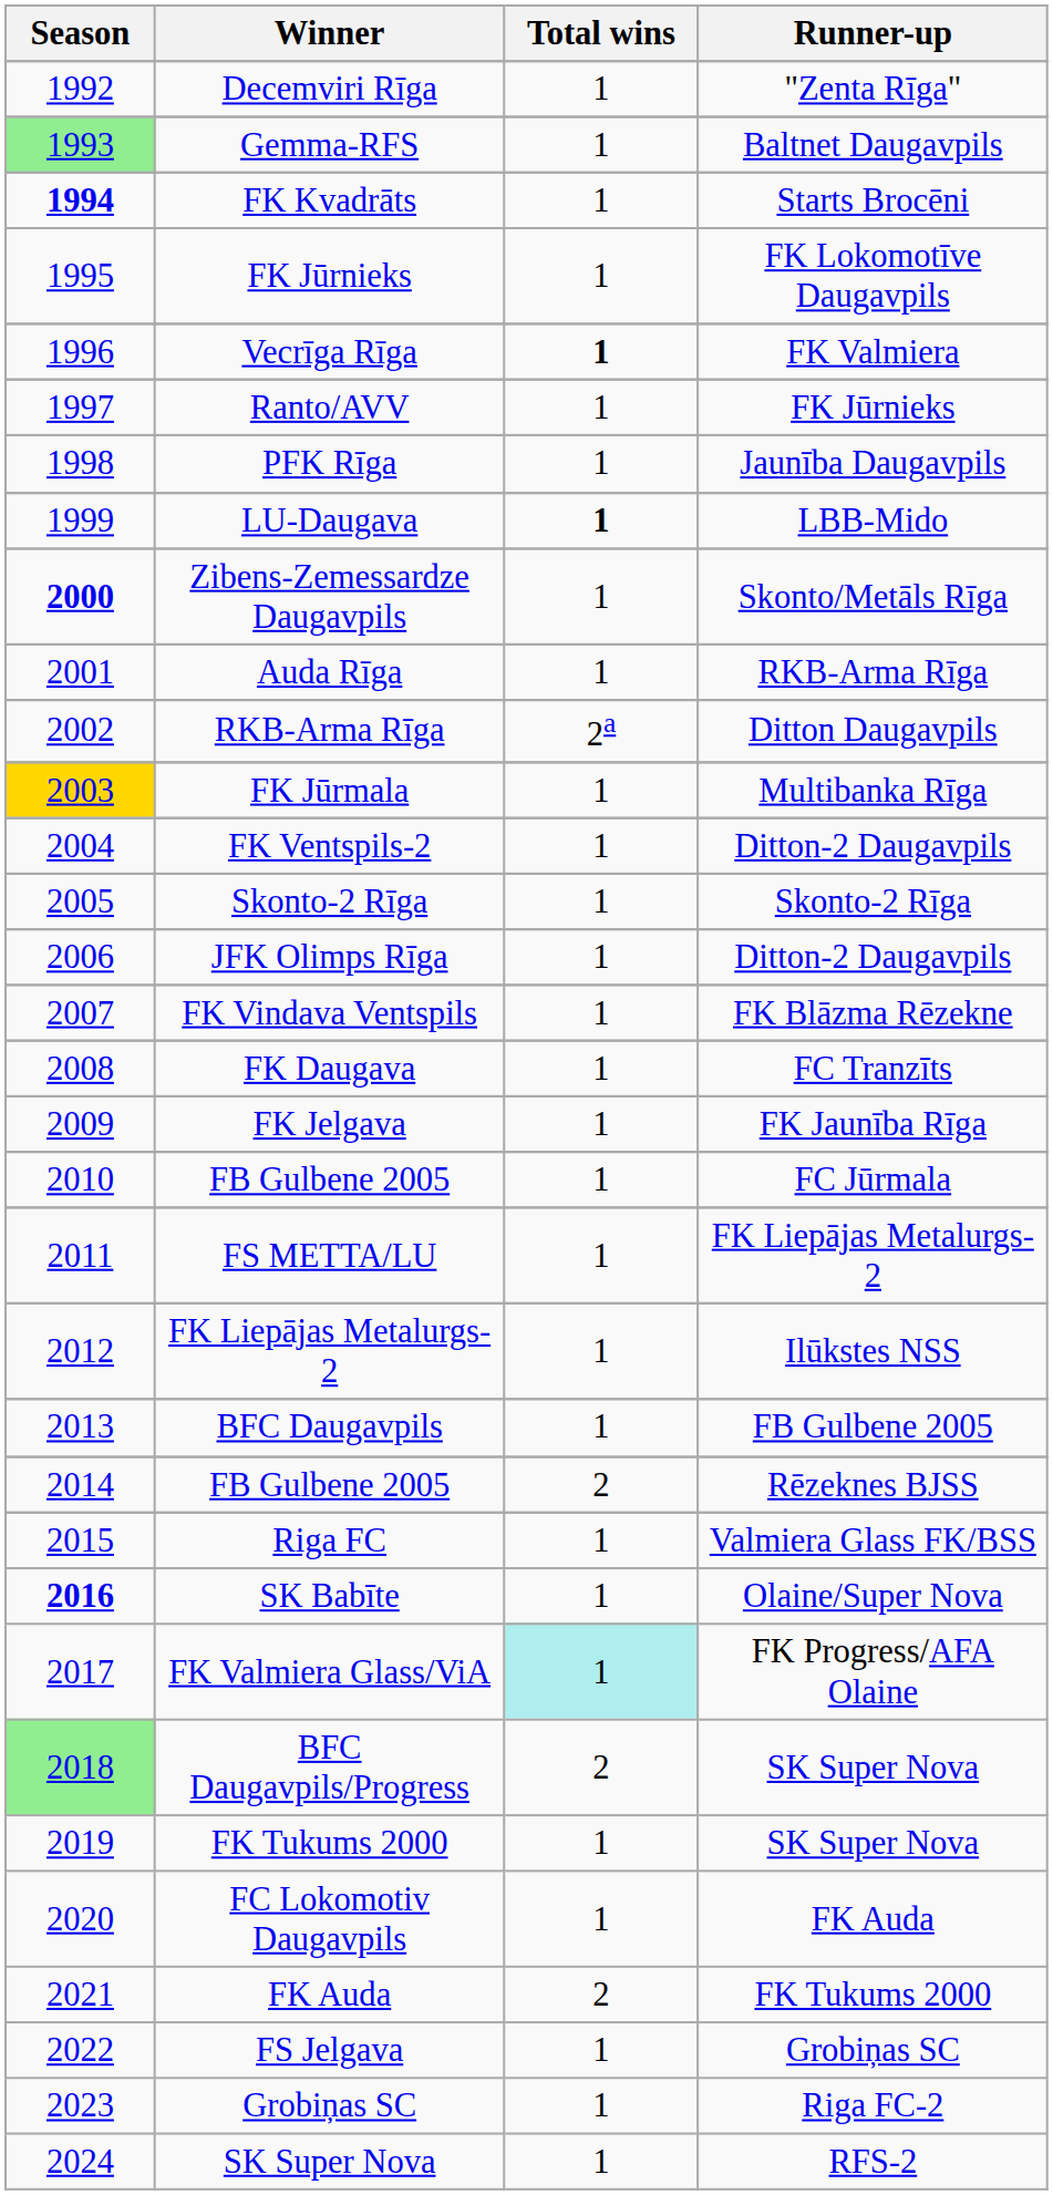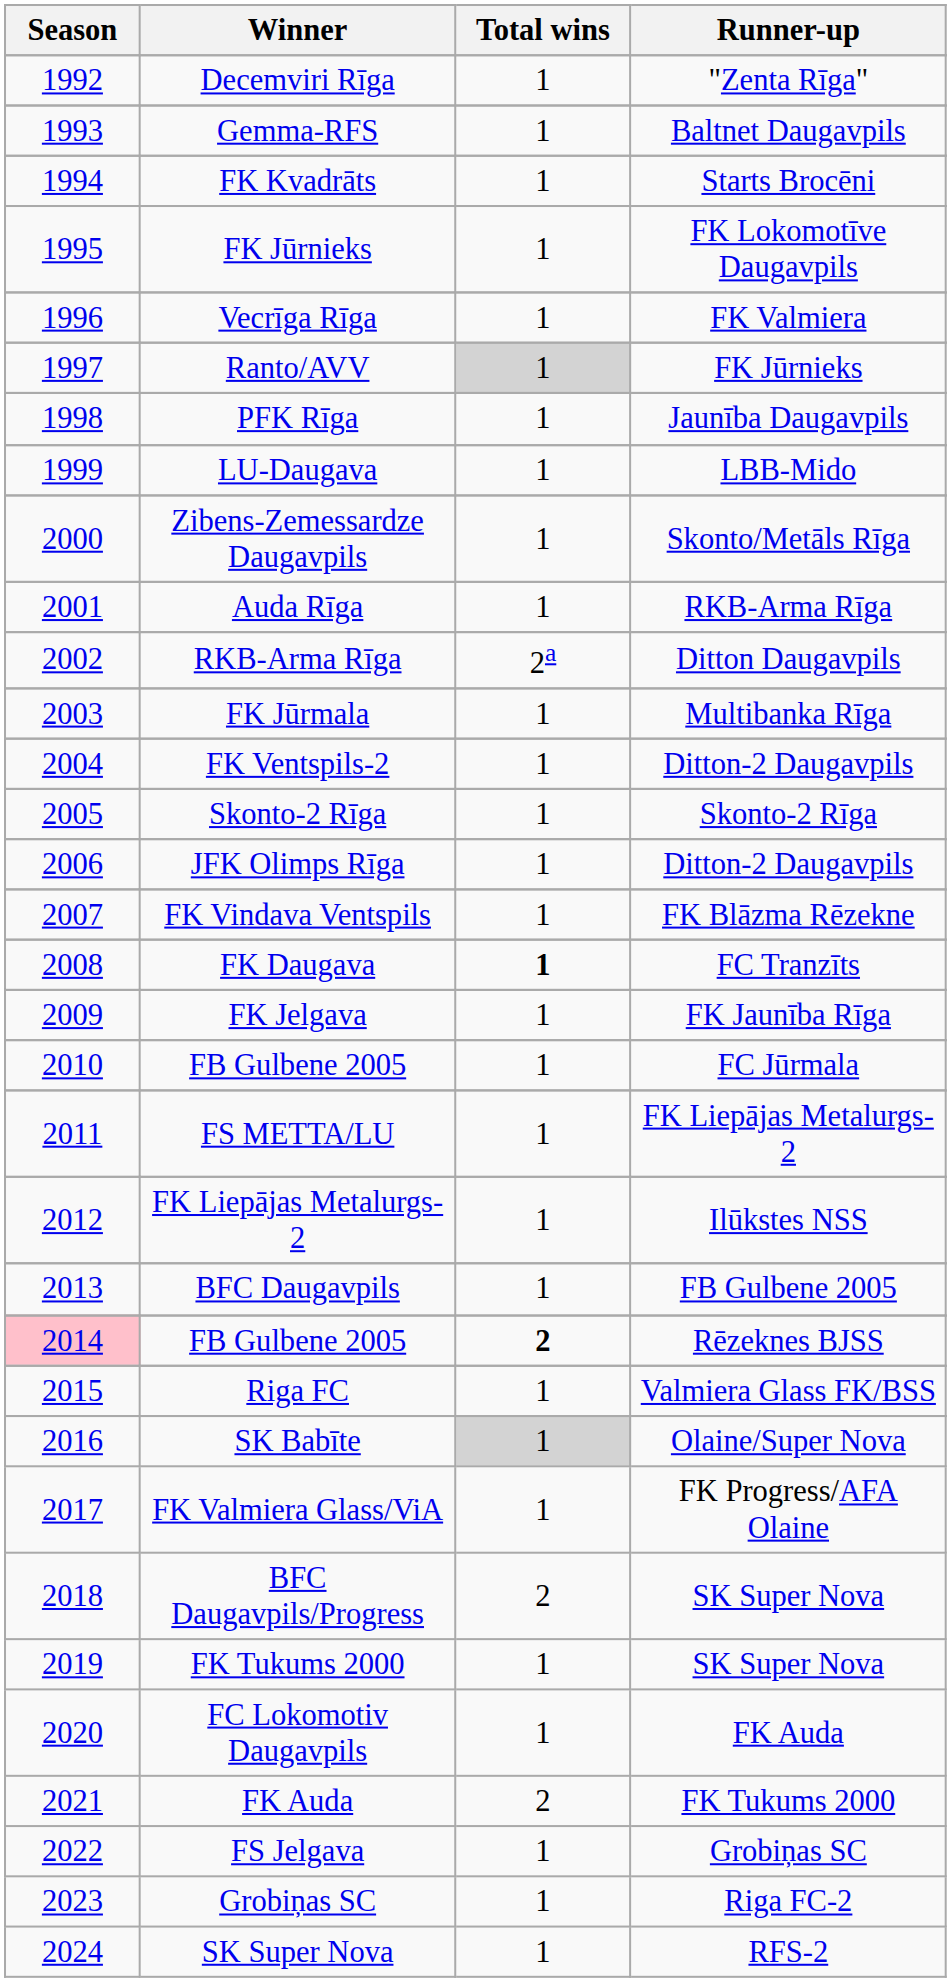 <table class="wikitable" style="font-size:95%; text-align:center;">
 <tr>
 <th width="60">Season</th>
 <th width="150">Winner</th>
 <th width="80">Total wins</th>
 <th width="150">Runner-up</th>
 </tr>
 <tr>
 </tr>
 <tr align="center">
 <td><a href='#'>1992</a></td>
 <td><a href='#'>Decemviri Rīga</a></td>
 <td>1</td>
 <td>"<a href='#'>Zenta Rīga</a>"</td>
 </tr>
 <tr>
 </tr>
 <tr align="center">
-<td style="background: lightgreen;"><a href='#'>1993</a></td>
+<td><a href='#'>1993</a></td>
 <td><a href='#'>Gemma-RFS</a></td>
 <td>1</td>
 <td><a href='#'>Baltnet Daugavpils</a></td>
 </tr>
 <tr>
 </tr>
 <tr align="center">
-<td><strong><a href='#'>1994</a></strong></td>
+<td><a href='#'>1994</a></td>
 <td><a href='#'>FK Kvadrāts</a></td>
 <td>1</td>
 <td><a href='#'>Starts Brocēni</a></td>
 </tr>
 <tr>
 </tr>
 <tr align="center">
 <td><a href='#'>1995</a></td>
 <td><a href='#'>FK Jūrnieks</a></td>
 <td>1</td>
 <td><a href='#'>FK Lokomotīve Daugavpils</a></td>
 </tr>
 <tr>
 </tr>
 <tr align="center">
 <td><a href='#'>1996</a></td>
 <td><a href='#'>Vecrīga Rīga</a></td>
-<td><strong>1</strong></td>
+<td>1</td>
 <td><a href='#'>FK Valmiera</a></td>
 </tr>
 <tr>
 </tr>
 <tr align="center">
 <td><a href='#'>1997</a></td>
 <td><a href='#'>Ranto/AVV</a></td>
-<td>1</td>
+<td style="background: lightgrey;">1</td>
 <td><a href='#'>FK Jūrnieks</a></td>
 </tr>
 <tr>
 </tr>
 <tr align="center">
 <td><a href='#'>1998</a></td>
 <td><a href='#'>PFK Rīga</a></td>
 <td>1</td>
 <td><a href='#'>Jaunība Daugavpils</a></td>
 </tr>
 <tr>
 </tr>
 <tr align="center">
 <td><a href='#'>1999</a></td>
 <td><a href='#'>LU-Daugava</a></td>
-<td><strong>1</strong></td>
+<td>1</td>
 <td><a href='#'>LBB-Mido</a></td>
 </tr>
 <tr>
 </tr>
 <tr align="center">
-<td><strong><a href='#'>2000</a></strong></td>
+<td><a href='#'>2000</a></td>
 <td><a href='#'>Zibens-Zemessardze Daugavpils</a></td>
 <td>1</td>
 <td><a href='#'>Skonto/Metāls Rīga</a></td>
 </tr>
 <tr>
 </tr>
 <tr align="center">
 <td><a href='#'>2001</a></td>
 <td><a href='#'>Auda Rīga</a></td>
 <td>1</td>
 <td><a href='#'>RKB-Arma Rīga</a></td>
 </tr>
 <tr>
 </tr>
 <tr align="center">
 <td><a href='#'>2002</a></td>
 <td><a href='#'>RKB-Arma Rīga</a></td>
 <td>2<sup><a href='#'>a</a></sup></td>
 <td><a href='#'>Ditton Daugavpils</a></td>
 </tr>
 <tr>
 </tr>
 <tr align="center">
-<td style="background: gold;"><a href='#'>2003</a></td>
+<td><a href='#'>2003</a></td>
 <td><a href='#'>FK Jūrmala</a></td>
 <td>1</td>
 <td><a href='#'>Multibanka Rīga</a></td>
 </tr>
 <tr>
 </tr>
 <tr align="center">
 <td><a href='#'>2004</a></td>
 <td><a href='#'>FK Ventspils-2</a></td>
 <td>1</td>
 <td><a href='#'>Ditton-2 Daugavpils</a></td>
 </tr>
 <tr>
 </tr>
 <tr align="center">
 <td><a href='#'>2005</a></td>
 <td><a href='#'>Skonto-2 Rīga</a></td>
 <td>1</td>
 <td><a href='#'>Skonto-2 Rīga</a></td>
 </tr>
 <tr>
 </tr>
 <tr align="center">
 <td><a href='#'>2006</a></td>
 <td><a href='#'>JFK Olimps Rīga</a></td>
 <td>1</td>
 <td><a href='#'>Ditton-2 Daugavpils</a></td>
 </tr>
 <tr>
 </tr>
 <tr align="center">
 <td><a href='#'>2007</a></td>
 <td><a href='#'>FK Vindava Ventspils</a></td>
 <td>1</td>
 <td><a href='#'>FK Blāzma Rēzekne</a></td>
 </tr>
 <tr>
 </tr>
 <tr align="center">
 <td><a href='#'>2008</a></td>
 <td><a href='#'>FK Daugava</a></td>
-<td>1</td>
+<td><strong>1</strong></td>
 <td><a href='#'>FC Tranzīts</a></td>
 </tr>
 <tr>
 </tr>
 <tr align="center">
 <td><a href='#'>2009</a></td>
 <td><a href='#'>FK Jelgava</a></td>
 <td>1</td>
 <td><a href='#'>FK Jaunība Rīga</a></td>
 </tr>
 <tr>
 </tr>
 <tr align="center">
 <td><a href='#'>2010</a></td>
 <td><a href='#'>FB Gulbene 2005</a></td>
 <td>1</td>
 <td><a href='#'>FC Jūrmala</a></td>
 </tr>
 <tr>
 </tr>
 <tr align="center">
 <td><a href='#'>2011</a></td>
 <td><a href='#'>FS METTA/LU</a></td>
 <td>1</td>
 <td><a href='#'>FK Liepājas Metalurgs-2</a></td>
 </tr>
 <tr>
 </tr>
 <tr align="center">
 <td><a href='#'>2012</a></td>
 <td><a href='#'>FK Liepājas Metalurgs-2</a></td>
 <td>1</td>
 <td><a href='#'>Ilūkstes NSS</a></td>
 </tr>
 <tr>
 </tr>
 <tr align="center">
 <td><a href='#'>2013</a></td>
 <td><a href='#'>BFC Daugavpils</a></td>
 <td>1</td>
 <td><a href='#'>FB Gulbene 2005</a></td>
 </tr>
 <tr>
 </tr>
 <tr align="center">
-<td><a href='#'>2014</a></td>
+<td style="background: pink;"><a href='#'>2014</a></td>
 <td><a href='#'>FB Gulbene 2005</a></td>
-<td>2</td>
+<td><strong>2</strong></td>
 <td><a href='#'>Rēzeknes BJSS</a></td>
 </tr>
 <tr>
 </tr>
 <tr align="center">
 <td><a href='#'>2015</a></td>
 <td><a href='#'>Riga FC</a></td>
 <td>1</td>
 <td><a href='#'>Valmiera Glass FK/BSS</a></td>
 </tr>
 <tr>
 </tr>
 <tr align="center">
-<td><strong><a href='#'>2016</a></strong></td>
+<td><a href='#'>2016</a></td>
 <td><a href='#'>SK Babīte</a></td>
-<td>1</td>
+<td style="background: lightgrey;">1</td>
 <td><a href='#'>Olaine/Super Nova</a></td>
 </tr>
 <tr>
 <td><a href='#'>2017</a></td>
 <td><a href='#'>FK Valmiera Glass/ViA</a></td>
-<td style="background: paleturquoise;">1</td>
+<td>1</td>
 <td>FK Progress/<a href='#'>AFA Olaine</a></td>
 </tr>
 <tr>
-<td style="background: lightgreen;"><a href='#'>2018</a></td>
+<td><a href='#'>2018</a></td>
 <td><a href='#'>BFC Daugavpils/Progress</a></td>
 <td>2</td>
 <td><a href='#'>SK Super Nova</a></td>
 </tr>
 <tr>
 <td><a href='#'>2019</a></td>
 <td><a href='#'>FK Tukums 2000</a></td>
 <td>1</td>
 <td><a href='#'>SK Super Nova</a></td>
 </tr>
 <tr>
 <td><a href='#'>2020</a></td>
 <td><a href='#'>FC Lokomotiv Daugavpils</a></td>
 <td>1</td>
 <td><a href='#'>FK Auda</a></td>
 </tr>
 <tr>
 <td><a href='#'>2021</a></td>
 <td><a href='#'>FK Auda</a></td>
 <td>2</td>
 <td><a href='#'>FK Tukums 2000</a></td>
 </tr>
 <tr>
 <td><a href='#'>2022</a></td>
 <td><a href='#'>FS Jelgava</a></td>
 <td>1</td>
 <td><a href='#'>Grobiņas SC</a></td>
 </tr>
 <tr>
 <td><a href='#'>2023</a></td>
 <td><a href='#'>Grobiņas SC</a></td>
 <td>1</td>
 <td><a href='#'>Riga FC-2</a></td>
 </tr>
 <tr>
 <td><a href='#'>2024</a></td>
 <td><a href='#'>SK Super Nova</a></td>
 <td>1</td>
 <td><a href='#'>RFS-2</a></td>
 </tr>
 </table>
